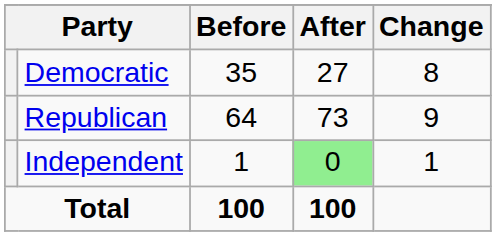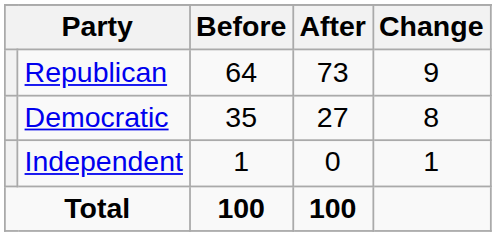 <table class="wikitable" style="text-align:center;">
 <tr>
 </tr>
 <tr>
 <th colspan=2>Party</th>
 <th>Before</th>
 <th>After</th>
 <th>Change</th>
 </tr>
 <tr>
 <th style="background-color:"></th>
+<td style="text-align:left;"><a href='#'>Republican</a></td>
+<td>64</td>
+<td>73</td>
+<td> 9</td>
+</tr>
+<tr>
+<th style="background-color:"></th>
 <td style="text-align:left;"><a href='#'>Democratic</a></td>
 <td>35</td>
 <td>27</td>
 <td> 8</td>
 </tr>
 <tr>
 <th style="background-color:"></th>
-<td style="text-align:left;"><a href='#'>Republican</a></td>
-<td>64</td>
-<td>73</td>
-<td> 9</td>
-</tr>
-<tr>
-<th style="background-color:"></th>
 <td style="text-align:left;"><a href='#'>Independent</a></td>
 <td>1</td>
-<td style="background: lightgreen;">0</td>
+<td>0</td>
 <td> 1</td>
 </tr>
 <tr>
 <td colspan=2><strong>Total</strong></td>
 <td><strong>100</strong></td>
 <td><strong>100</strong></td>
 <td></td>
 </tr>
 </table>
